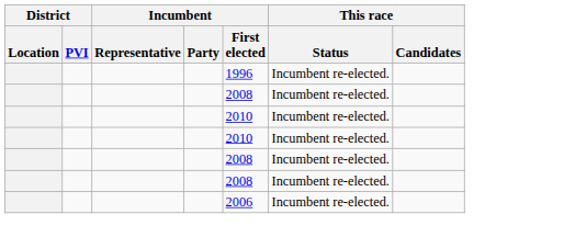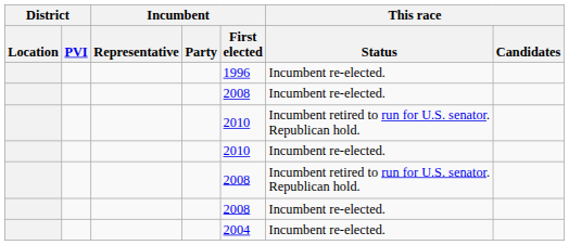 <table class="wikitable sortable">
 <tr valign=bottom>
 <th colspan=2>District</th>
 <th colspan=3>Incumbent</th>
 <th colspan=2>This race</th>
 </tr>
 <tr valign=bottom>
 <th>Location</th>
 <th><a href='#'>PVI</a></th>
 <th>Representative</th>
 <th>Party</th>
 <th>First<br>elected</th>
 <th>Status</th>
 <th>Candidates</th>
 </tr>
 <tr>
 <th></th>
 <td></td>
 <td></td>
 <td></td>
 <td><a href='#'>1996</a></td>
 <td>Incumbent re-elected.</td>
 <td nowrap></td>
 </tr>
 <tr>
 <th></th>
 <td></td>
 <td></td>
 <td></td>
 <td><a href='#'>2008</a></td>
 <td>Incumbent re-elected.</td>
 <td nowrap></td>
 </tr>
 <tr>
 <th></th>
 <td></td>
 <td></td>
 <td></td>
 <td><a href='#'>2010</a></td>
-<td>Incumbent re-elected.</td>
+<td>Incumbent retired to <a href='#'>run for U.S. senator</a>.<br>Republican hold.</td>
 <td nowrap></td>
 </tr>
 <tr>
 <th></th>
 <td></td>
 <td></td>
 <td></td>
 <td><a href='#'>2010</a></td>
 <td>Incumbent re-elected.</td>
 <td nowrap></td>
 </tr>
 <tr>
 <th></th>
 <td></td>
 <td></td>
 <td></td>
 <td><a href='#'>2008</a></td>
-<td>Incumbent re-elected.</td>
+<td>Incumbent retired to <a href='#'>run for U.S. senator</a>.<br>Republican hold.</td>
 <td nowrap></td>
 </tr>
 <tr>
 <th></th>
 <td></td>
 <td></td>
 <td></td>
 <td><a href='#'>2008</a></td>
 <td>Incumbent re-elected.</td>
 <td nowrap></td>
 </tr>
 <tr>
 <th></th>
 <td></td>
 <td></td>
 <td></td>
-<td><a href='#'>2006</a></td>
+<td><a href='#'>2004</a></td>
 <td>Incumbent re-elected.</td>
 <td nowrap></td>
 </tr>
 </table>
